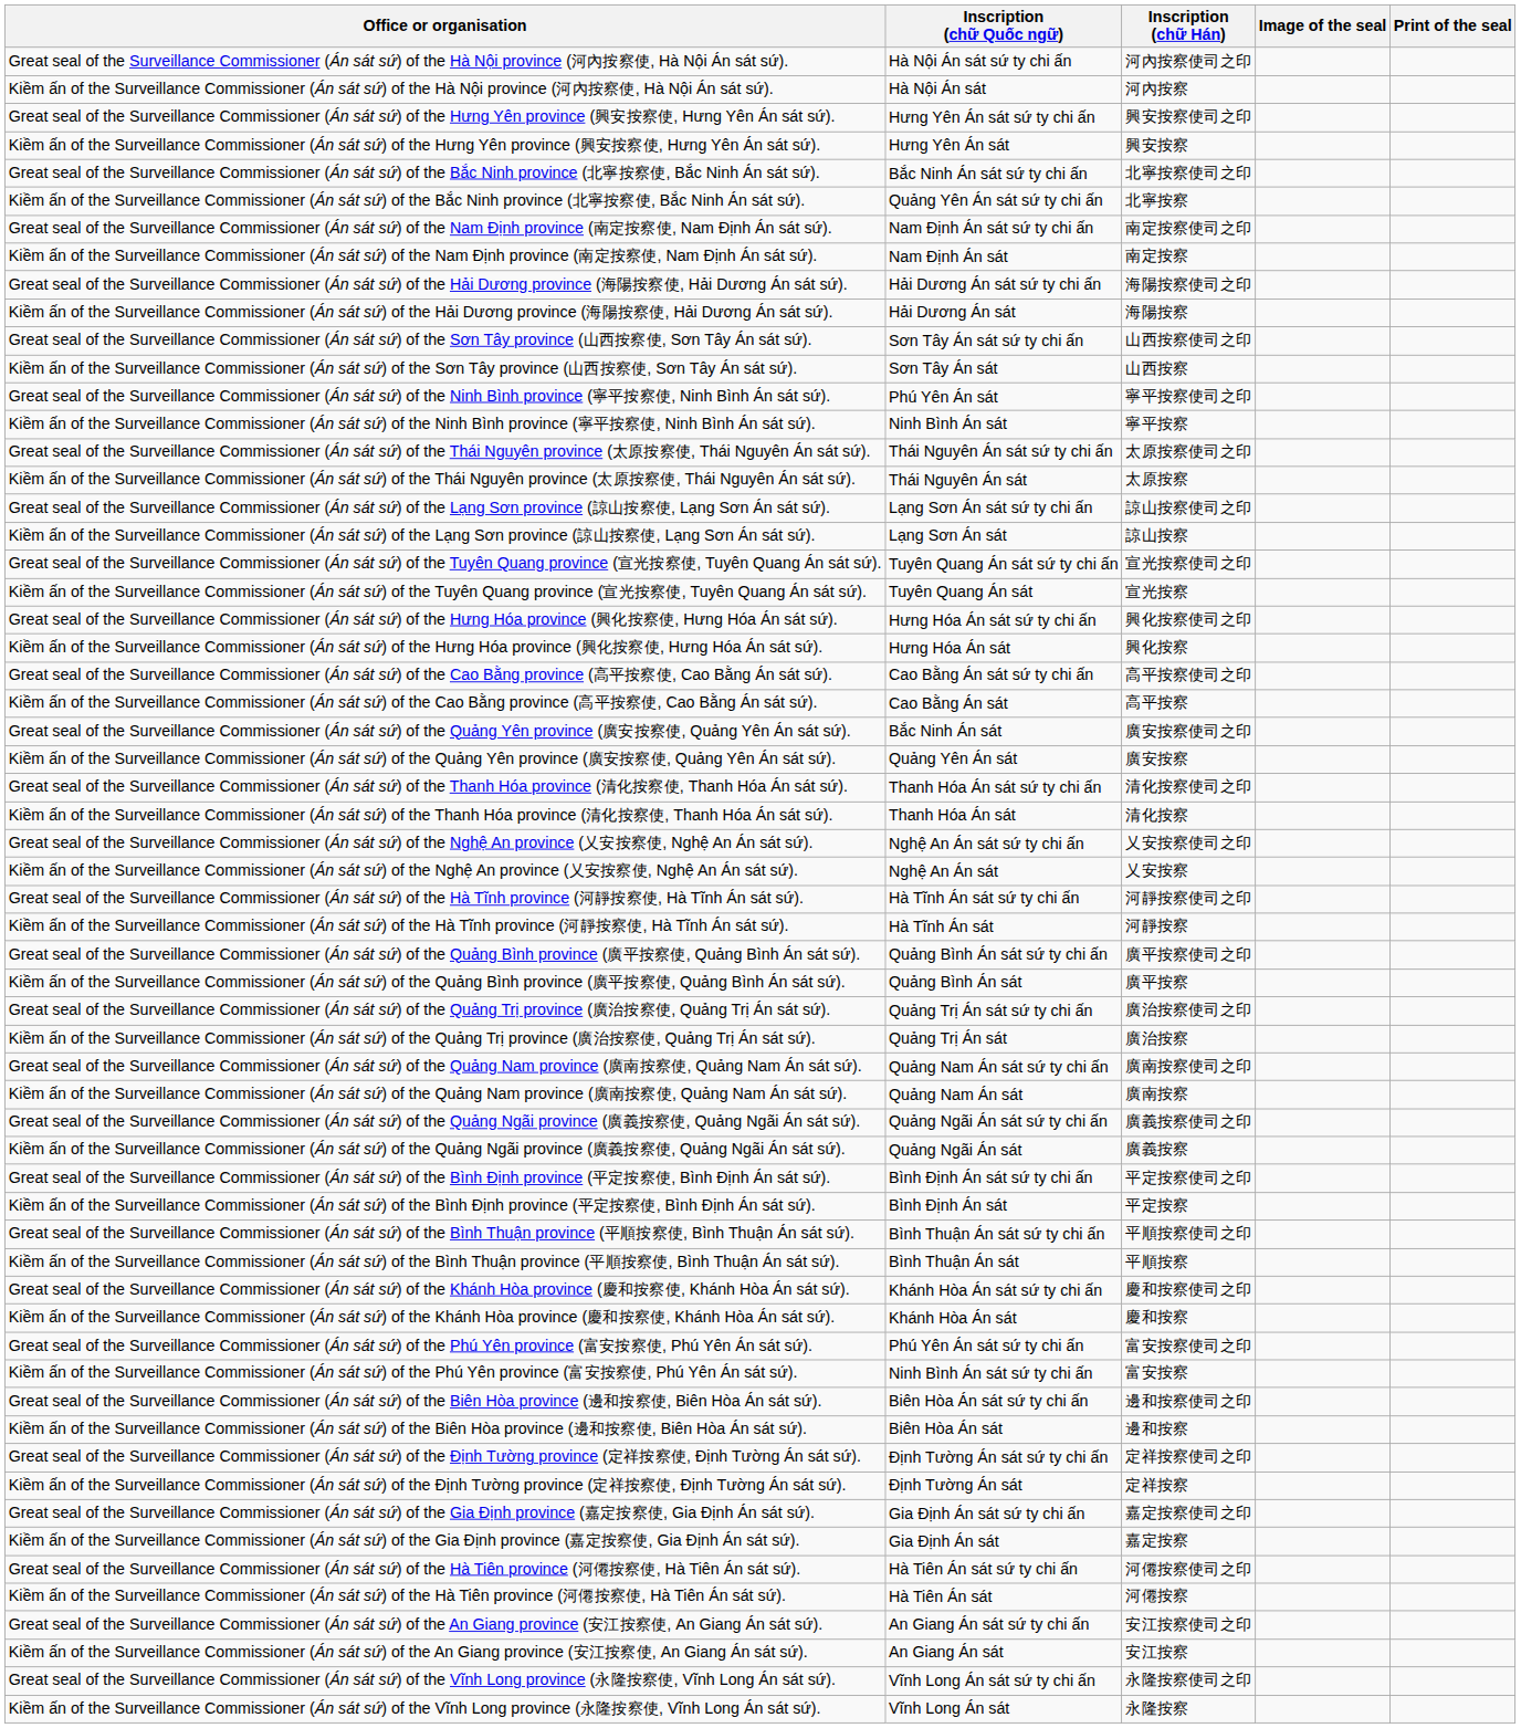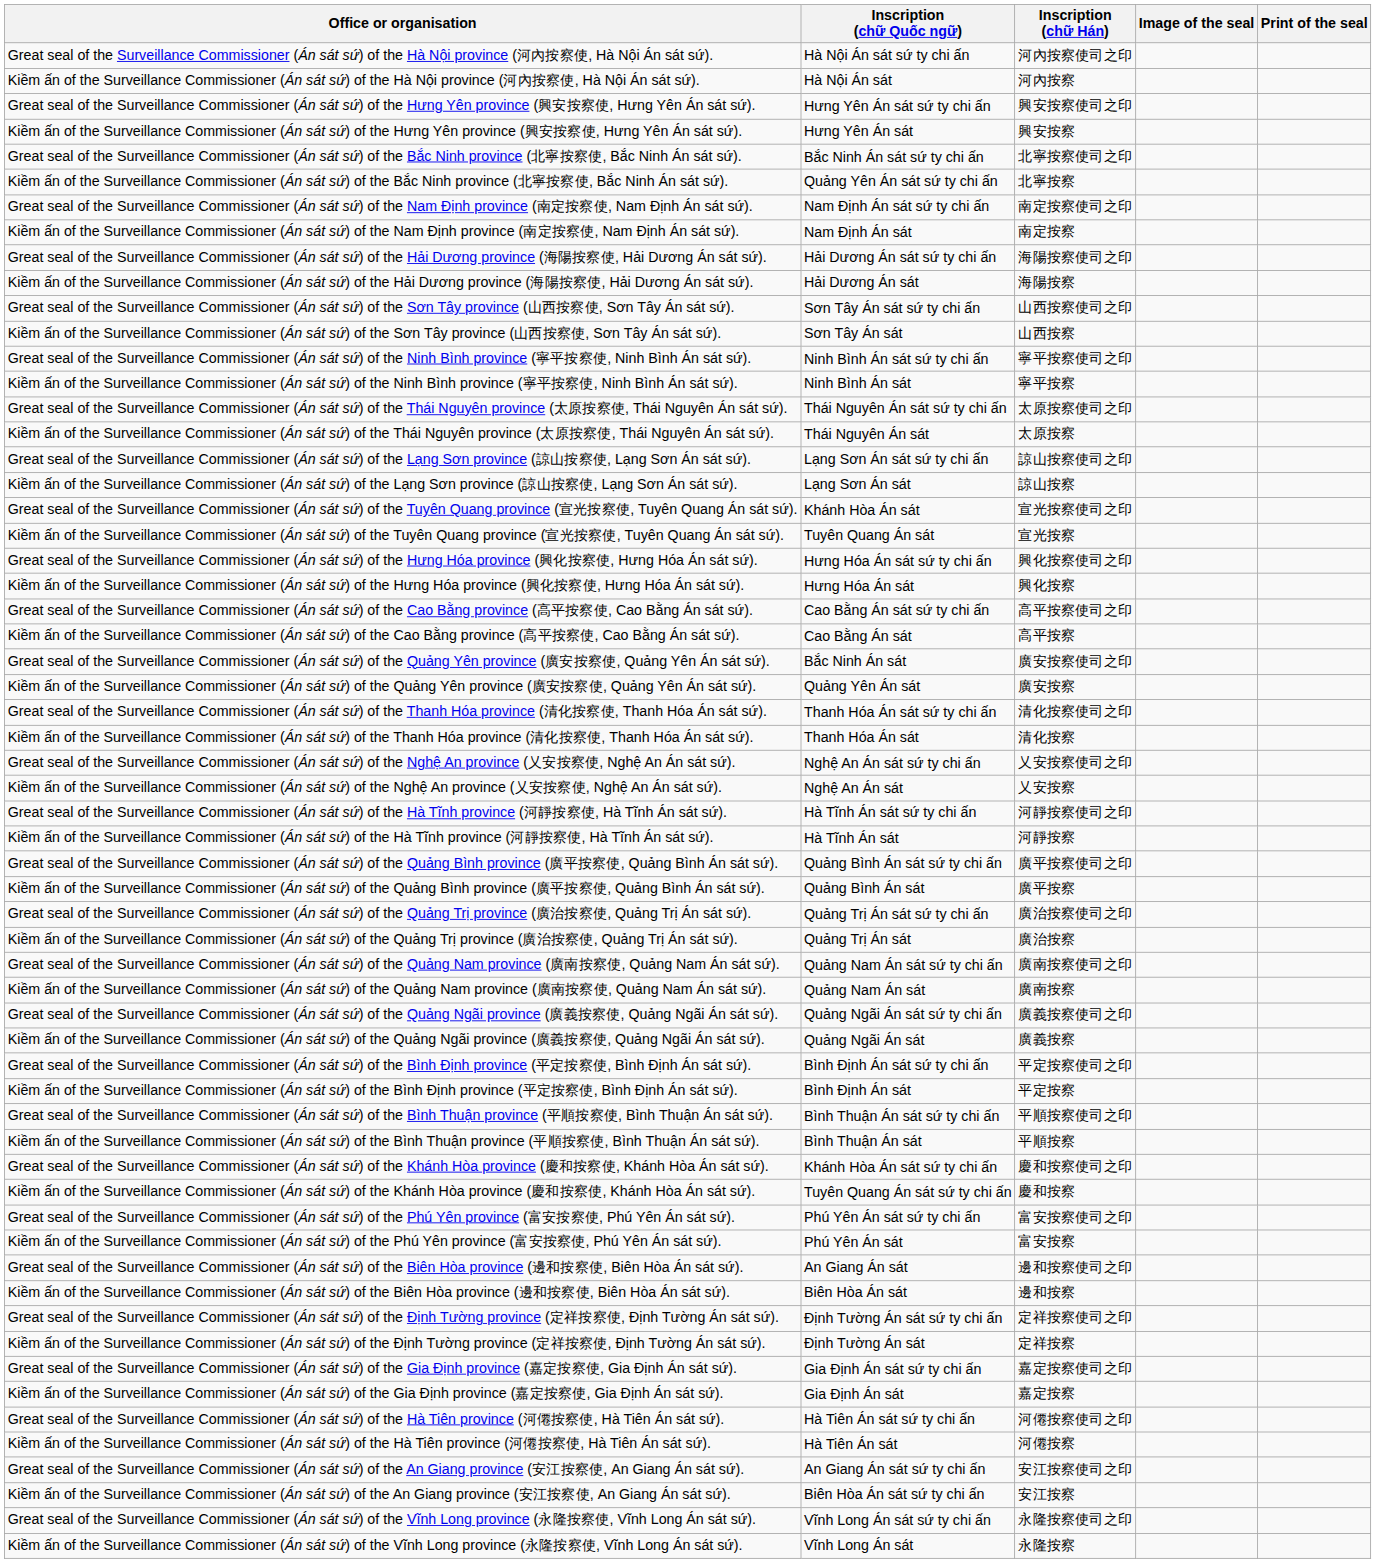 <table class="wikitable">
 <tr>
 <th>Office or organisation</th>
 <th>Inscription<br>(<a href='#'>chữ Quốc ngữ</a>)</th>
 <th>Inscription<br>(<a href='#'>chữ Hán</a>)</th>
 <th>Image of the seal</th>
 <th>Print of the seal</th>
 </tr>
 <tr>
 <td>Great seal of the <a href='#'>Surveillance Commissioner</a> (<em>Án sát sứ</em>) of the <a href='#'>Hà Nội province</a> (河內按察使, Hà Nội Án sát sứ).</td>
 <td>Hà Nội Án sát sứ ty chi ấn</td>
 <td>河內按察使司之印</td>
 <td></td>
 <td></td>
 </tr>
 <tr>
 <td>Kiềm ấn of the Surveillance Commissioner (<em>Án sát sứ</em>) of the Hà Nội province (河內按察使, Hà Nội Án sát sứ).</td>
 <td>Hà Nội Án sát</td>
 <td>河內按察</td>
 <td></td>
 <td></td>
 </tr>
 <tr>
 <td>Great seal of the Surveillance Commissioner (<em>Án sát sứ</em>) of the <a href='#'>Hưng Yên province</a> (興安按察使, Hưng Yên Án sát sứ).</td>
 <td>Hưng Yên Án sát sứ ty chi ấn</td>
 <td>興安按察使司之印</td>
 <td></td>
 <td></td>
 </tr>
 <tr>
 <td>Kiềm ấn of the Surveillance Commissioner (<em>Án sát sứ</em>) of the Hưng Yên province (興安按察使, Hưng Yên Án sát sứ).</td>
 <td>Hưng Yên Án sát</td>
 <td>興安按察</td>
 <td></td>
 <td></td>
 </tr>
 <tr>
 <td>Great seal of the Surveillance Commissioner (<em>Án sát sứ</em>) of the <a href='#'>Bắc Ninh province</a> (北寧按察使, Bắc Ninh Án sát sứ).</td>
 <td>Bắc Ninh Án sát sứ ty chi ấn</td>
 <td>北寧按察使司之印</td>
 <td></td>
 <td></td>
 </tr>
 <tr>
 <td>Kiềm ấn of the Surveillance Commissioner (<em>Án sát sứ</em>) of the Bắc Ninh province (北寧按察使, Bắc Ninh Án sát sứ).</td>
 <td>Quảng Yên Án sát sứ ty chi ấn</td>
 <td>北寧按察</td>
 <td></td>
 <td></td>
 </tr>
 <tr>
 <td>Great seal of the Surveillance Commissioner (<em>Án sát sứ</em>) of the <a href='#'>Nam Định province</a> (南定按察使, Nam Định Án sát sứ).</td>
 <td>Nam Định Án sát sứ ty chi ấn</td>
 <td>南定按察使司之印</td>
 <td></td>
 <td></td>
 </tr>
 <tr>
 <td>Kiềm ấn of the Surveillance Commissioner (<em>Án sát sứ</em>) of the Nam Định province (南定按察使, Nam Định Án sát sứ).</td>
 <td>Nam Định Án sát</td>
 <td>南定按察</td>
 <td></td>
 <td></td>
 </tr>
 <tr>
 <td>Great seal of the Surveillance Commissioner (<em>Án sát sứ</em>) of the <a href='#'>Hải Dương province</a> (海陽按察使, Hải Dương Án sát sứ).</td>
 <td>Hải Dương Án sát sứ ty chi ấn</td>
 <td>海陽按察使司之印</td>
 <td></td>
 <td></td>
 </tr>
 <tr>
 <td>Kiềm ấn of the Surveillance Commissioner (<em>Án sát sứ</em>) of the Hải Dương province (海陽按察使, Hải Dương Án sát sứ).</td>
 <td>Hải Dương Án sát</td>
 <td>海陽按察</td>
 <td></td>
 <td></td>
 </tr>
 <tr>
 <td>Great seal of the Surveillance Commissioner (<em>Án sát sứ</em>) of the <a href='#'>Sơn Tây province</a> (山西按察使, Sơn Tây Án sát sứ).</td>
 <td>Sơn Tây Án sát sứ ty chi ấn</td>
 <td>山西按察使司之印</td>
 <td></td>
 <td></td>
 </tr>
 <tr>
 <td>Kiềm ấn of the Surveillance Commissioner (<em>Án sát sứ</em>) of the Sơn Tây province (山西按察使, Sơn Tây Án sát sứ).</td>
 <td>Sơn Tây Án sát</td>
 <td>山西按察</td>
 <td></td>
 <td></td>
 </tr>
 <tr>
 <td>Great seal of the Surveillance Commissioner (<em>Án sát sứ</em>) of the <a href='#'>Ninh Bình province</a> (寧平按察使, Ninh Bình Án sát sứ).</td>
-<td>Phú Yên Án sát</td>
+<td>Ninh Bình Án sát sứ ty chi ấn</td>
 <td>寧平按察使司之印</td>
 <td></td>
 <td></td>
 </tr>
 <tr>
 <td>Kiềm ấn of the Surveillance Commissioner (<em>Án sát sứ</em>) of the Ninh Bình province (寧平按察使, Ninh Bình Án sát sứ).</td>
 <td>Ninh Bình Án sát</td>
 <td>寧平按察</td>
 <td></td>
 <td></td>
 </tr>
 <tr>
 <td>Great seal of the Surveillance Commissioner (<em>Án sát sứ</em>) of the <a href='#'>Thái Nguyên province</a> (太原按察使, Thái Nguyên Án sát sứ).</td>
 <td>Thái Nguyên Án sát sứ ty chi ấn</td>
 <td>太原按察使司之印</td>
 <td></td>
 <td></td>
 </tr>
 <tr>
 <td>Kiềm ấn of the Surveillance Commissioner (<em>Án sát sứ</em>) of the Thái Nguyên province (太原按察使, Thái Nguyên Án sát sứ).</td>
 <td>Thái Nguyên Án sát</td>
 <td>太原按察</td>
 <td></td>
 <td></td>
 </tr>
 <tr>
 <td>Great seal of the Surveillance Commissioner (<em>Án sát sứ</em>) of the <a href='#'>Lạng Sơn province</a> (諒山按察使, Lạng Sơn Án sát sứ).</td>
 <td>Lạng Sơn Án sát sứ ty chi ấn</td>
 <td>諒山按察使司之印</td>
 <td></td>
 <td></td>
 </tr>
 <tr>
 <td>Kiềm ấn of the Surveillance Commissioner (<em>Án sát sứ</em>) of the Lạng Sơn province (諒山按察使, Lạng Sơn Án sát sứ).</td>
 <td>Lạng Sơn Án sát</td>
 <td>諒山按察</td>
 <td></td>
 <td></td>
 </tr>
 <tr>
 <td>Great seal of the Surveillance Commissioner (<em>Án sát sứ</em>) of the <a href='#'>Tuyên Quang province</a> (宣光按察使, Tuyên Quang Án sát sứ).</td>
-<td>Tuyên Quang Án sát sứ ty chi ấn</td>
+<td>Khánh Hòa Án sát</td>
 <td>宣光按察使司之印</td>
 <td></td>
 <td></td>
 </tr>
 <tr>
 <td>Kiềm ấn of the Surveillance Commissioner (<em>Án sát sứ</em>) of the Tuyên Quang province (宣光按察使, Tuyên Quang Án sát sứ).</td>
 <td>Tuyên Quang Án sát</td>
 <td>宣光按察</td>
 <td></td>
 <td></td>
 </tr>
 <tr>
 <td>Great seal of the Surveillance Commissioner (<em>Án sát sứ</em>) of the <a href='#'>Hưng Hóa province</a> (興化按察使, Hưng Hóa Án sát sứ).</td>
 <td>Hưng Hóa Án sát sứ ty chi ấn</td>
 <td>興化按察使司之印</td>
 <td></td>
 <td></td>
 </tr>
 <tr>
 <td>Kiềm ấn of the Surveillance Commissioner (<em>Án sát sứ</em>) of the Hưng Hóa province (興化按察使, Hưng Hóa Án sát sứ).</td>
 <td>Hưng Hóa Án sát</td>
 <td>興化按察</td>
 <td></td>
 <td></td>
 </tr>
 <tr>
 <td>Great seal of the Surveillance Commissioner (<em>Án sát sứ</em>) of the <a href='#'>Cao Bằng province</a> (高平按察使, Cao Bằng Án sát sứ).</td>
 <td>Cao Bằng Án sát sứ ty chi ấn</td>
 <td>高平按察使司之印</td>
 <td></td>
 <td></td>
 </tr>
 <tr>
 <td>Kiềm ấn of the Surveillance Commissioner (<em>Án sát sứ</em>) of the Cao Bằng province (高平按察使, Cao Bằng Án sát sứ).</td>
 <td>Cao Bằng Án sát</td>
 <td>高平按察</td>
 <td></td>
 <td></td>
 </tr>
 <tr>
 <td>Great seal of the Surveillance Commissioner (<em>Án sát sứ</em>) of the <a href='#'>Quảng Yên province</a> (廣安按察使, Quảng Yên Án sát sứ).</td>
 <td>Bắc Ninh Án sát</td>
 <td>廣安按察使司之印</td>
 <td></td>
 <td></td>
 </tr>
 <tr>
 <td>Kiềm ấn of the Surveillance Commissioner (<em>Án sát sứ</em>) of the Quảng Yên province (廣安按察使, Quảng Yên Án sát sứ).</td>
 <td>Quảng Yên Án sát</td>
 <td>廣安按察</td>
 <td></td>
 <td></td>
 </tr>
 <tr>
 <td>Great seal of the Surveillance Commissioner (<em>Án sát sứ</em>) of the <a href='#'>Thanh Hóa province</a> (清化按察使, Thanh Hóa Án sát sứ).</td>
 <td>Thanh Hóa Án sát sứ ty chi ấn</td>
 <td>清化按察使司之印</td>
 <td></td>
 <td></td>
 </tr>
 <tr>
 <td>Kiềm ấn of the Surveillance Commissioner (<em>Án sát sứ</em>) of the Thanh Hóa province (清化按察使, Thanh Hóa Án sát sứ).</td>
 <td>Thanh Hóa Án sát</td>
 <td>清化按察</td>
 <td></td>
 <td></td>
 </tr>
 <tr>
 <td>Great seal of the Surveillance Commissioner (<em>Án sát sứ</em>) of the <a href='#'>Nghệ An province</a> (乂安按察使, Nghệ An Án sát sứ).</td>
 <td>Nghệ An Án sát sứ ty chi ấn</td>
 <td>乂安按察使司之印</td>
 <td></td>
 <td></td>
 </tr>
 <tr>
 <td>Kiềm ấn of the Surveillance Commissioner (<em>Án sát sứ</em>) of the Nghệ An province (乂安按察使, Nghệ An Án sát sứ).</td>
 <td>Nghệ An Án sát</td>
 <td>乂安按察</td>
 <td></td>
 <td></td>
 </tr>
 <tr>
 <td>Great seal of the Surveillance Commissioner (<em>Án sát sứ</em>) of the <a href='#'>Hà Tĩnh province</a> (河靜按察使, Hà Tĩnh Án sát sứ).</td>
 <td>Hà Tĩnh Án sát sứ ty chi ấn</td>
 <td>河靜按察使司之印</td>
 <td></td>
 <td></td>
 </tr>
 <tr>
 <td>Kiềm ấn of the Surveillance Commissioner (<em>Án sát sứ</em>) of the Hà Tĩnh province (河靜按察使, Hà Tĩnh Án sát sứ).</td>
 <td>Hà Tĩnh Án sát</td>
 <td>河靜按察</td>
 <td></td>
 <td></td>
 </tr>
 <tr>
 <td>Great seal of the Surveillance Commissioner (<em>Án sát sứ</em>) of the <a href='#'>Quảng Bình province</a> (廣平按察使, Quảng Bình Án sát sứ).</td>
 <td>Quảng Bình Án sát sứ ty chi ấn</td>
 <td>廣平按察使司之印</td>
 <td></td>
 <td></td>
 </tr>
 <tr>
 <td>Kiềm ấn of the Surveillance Commissioner (<em>Án sát sứ</em>) of the Quảng Bình province (廣平按察使, Quảng Bình Án sát sứ).</td>
 <td>Quảng Bình Án sát</td>
 <td>廣平按察</td>
 <td></td>
 <td></td>
 </tr>
 <tr>
 <td>Great seal of the Surveillance Commissioner (<em>Án sát sứ</em>) of the <a href='#'>Quảng Trị province</a> (廣治按察使, Quảng Trị Án sát sứ).</td>
 <td>Quảng Trị Án sát sứ ty chi ấn</td>
 <td>廣治按察使司之印</td>
 <td></td>
 <td></td>
 </tr>
 <tr>
 <td>Kiềm ấn of the Surveillance Commissioner (<em>Án sát sứ</em>) of the Quảng Trị province (廣治按察使, Quảng Trị Án sát sứ).</td>
 <td>Quảng Trị Án sát</td>
 <td>廣治按察</td>
 <td></td>
 <td></td>
 </tr>
 <tr>
 <td>Great seal of the Surveillance Commissioner (<em>Án sát sứ</em>) of the <a href='#'>Quảng Nam province</a> (廣南按察使, Quảng Nam Án sát sứ).</td>
 <td>Quảng Nam Án sát sứ ty chi ấn</td>
 <td>廣南按察使司之印</td>
 <td></td>
 <td></td>
 </tr>
 <tr>
 <td>Kiềm ấn of the Surveillance Commissioner (<em>Án sát sứ</em>) of the Quảng Nam province (廣南按察使, Quảng Nam Án sát sứ).</td>
 <td>Quảng Nam Án sát</td>
 <td>廣南按察</td>
 <td></td>
 <td></td>
 </tr>
 <tr>
 <td>Great seal of the Surveillance Commissioner (<em>Án sát sứ</em>) of the <a href='#'>Quảng Ngãi province</a> (廣義按察使, Quảng Ngãi Án sát sứ).</td>
 <td>Quảng Ngãi Án sát sứ ty chi ấn</td>
 <td>廣義按察使司之印</td>
 <td></td>
 <td></td>
 </tr>
 <tr>
 <td>Kiềm ấn of the Surveillance Commissioner (<em>Án sát sứ</em>) of the Quảng Ngãi province (廣義按察使, Quảng Ngãi Án sát sứ).</td>
 <td>Quảng Ngãi Án sát</td>
 <td>廣義按察</td>
 <td></td>
 <td></td>
 </tr>
 <tr>
 <td>Great seal of the Surveillance Commissioner (<em>Án sát sứ</em>) of the <a href='#'>Bình Định province</a> (平定按察使, Bình Định Án sát sứ).</td>
 <td>Bình Định Án sát sứ ty chi ấn</td>
 <td>平定按察使司之印</td>
 <td></td>
 <td></td>
 </tr>
 <tr>
 <td>Kiềm ấn of the Surveillance Commissioner (<em>Án sát sứ</em>) of the Bình Định province (平定按察使, Bình Định Án sát sứ).</td>
 <td>Bình Định Án sát</td>
 <td>平定按察</td>
 <td></td>
 <td></td>
 </tr>
 <tr>
 <td>Great seal of the Surveillance Commissioner (<em>Án sát sứ</em>) of the <a href='#'>Bình Thuận province</a> (平順按察使, Bình Thuận Án sát sứ).</td>
 <td>Bình Thuận Án sát sứ ty chi ấn</td>
 <td>平順按察使司之印</td>
 <td></td>
 <td></td>
 </tr>
 <tr>
 <td>Kiềm ấn of the Surveillance Commissioner (<em>Án sát sứ</em>) of the Bình Thuận province (平順按察使, Bình Thuận Án sát sứ).</td>
 <td>Bình Thuận Án sát</td>
 <td>平順按察</td>
 <td></td>
 <td></td>
 </tr>
 <tr>
 <td>Great seal of the Surveillance Commissioner (<em>Án sát sứ</em>) of the <a href='#'>Khánh Hòa province</a> (慶和按察使, Khánh Hòa Án sát sứ).</td>
 <td>Khánh Hòa Án sát sứ ty chi ấn</td>
 <td>慶和按察使司之印</td>
 <td></td>
 <td></td>
 </tr>
 <tr>
 <td>Kiềm ấn of the Surveillance Commissioner (<em>Án sát sứ</em>) of the Khánh Hòa province (慶和按察使, Khánh Hòa Án sát sứ).</td>
-<td>Khánh Hòa Án sát</td>
+<td>Tuyên Quang Án sát sứ ty chi ấn</td>
 <td>慶和按察</td>
 <td></td>
 <td></td>
 </tr>
 <tr>
 <td>Great seal of the Surveillance Commissioner (<em>Án sát sứ</em>) of the <a href='#'>Phú Yên province</a> (富安按察使, Phú Yên Án sát sứ).</td>
 <td>Phú Yên Án sát sứ ty chi ấn</td>
 <td>富安按察使司之印</td>
 <td></td>
 <td></td>
 </tr>
 <tr>
 <td>Kiềm ấn of the Surveillance Commissioner (<em>Án sát sứ</em>) of the Phú Yên province (富安按察使, Phú Yên Án sát sứ).</td>
-<td>Ninh Bình Án sát sứ ty chi ấn</td>
+<td>Phú Yên Án sát</td>
 <td>富安按察</td>
 <td></td>
 <td></td>
 </tr>
 <tr>
 <td>Great seal of the Surveillance Commissioner (<em>Án sát sứ</em>) of the <a href='#'>Biên Hòa province</a> (邊和按察使, Biên Hòa Án sát sứ).</td>
-<td>Biên Hòa Án sát sứ ty chi ấn</td>
+<td>An Giang Án sát</td>
 <td>邊和按察使司之印</td>
 <td></td>
 <td></td>
 </tr>
 <tr>
 <td>Kiềm ấn of the Surveillance Commissioner (<em>Án sát sứ</em>) of the Biên Hòa province (邊和按察使, Biên Hòa Án sát sứ).</td>
 <td>Biên Hòa Án sát</td>
 <td>邊和按察</td>
 <td></td>
 <td></td>
 </tr>
 <tr>
 <td>Great seal of the Surveillance Commissioner (<em>Án sát sứ</em>) of the <a href='#'>Định Tường province</a> (定祥按察使, Định Tường Án sát sứ).</td>
 <td>Định Tường Án sát sứ ty chi ấn</td>
 <td>定祥按察使司之印</td>
 <td></td>
 <td></td>
 </tr>
 <tr>
 <td>Kiềm ấn of the Surveillance Commissioner (<em>Án sát sứ</em>) of the Định Tường province (定祥按察使, Định Tường Án sát sứ).</td>
 <td>Định Tường Án sát</td>
 <td>定祥按察</td>
 <td></td>
 <td></td>
 </tr>
 <tr>
 <td>Great seal of the Surveillance Commissioner (<em>Án sát sứ</em>) of the <a href='#'>Gia Định province</a> (嘉定按察使, Gia Định Án sát sứ).</td>
 <td>Gia Định Án sát sứ ty chi ấn</td>
 <td>嘉定按察使司之印</td>
 <td></td>
 <td></td>
 </tr>
 <tr>
 <td>Kiềm ấn of the Surveillance Commissioner (<em>Án sát sứ</em>) of the Gia Định province (嘉定按察使, Gia Định Án sát sứ).</td>
 <td>Gia Định Án sát</td>
 <td>嘉定按察</td>
 <td></td>
 <td></td>
 </tr>
 <tr>
 <td>Great seal of the Surveillance Commissioner (<em>Án sát sứ</em>) of the <a href='#'>Hà Tiên province</a> (河僊按察使, Hà Tiên Án sát sứ).</td>
 <td>Hà Tiên Án sát sứ ty chi ấn</td>
 <td>河僊按察使司之印</td>
 <td></td>
 <td></td>
 </tr>
 <tr>
 <td>Kiềm ấn of the Surveillance Commissioner (<em>Án sát sứ</em>) of the Hà Tiên province (河僊按察使, Hà Tiên Án sát sứ).</td>
 <td>Hà Tiên Án sát</td>
 <td>河僊按察</td>
 <td></td>
 <td></td>
 </tr>
 <tr>
 <td>Great seal of the Surveillance Commissioner (<em>Án sát sứ</em>) of the <a href='#'>An Giang province</a> (安江按察使, An Giang Án sát sứ).</td>
 <td>An Giang Án sát sứ ty chi ấn</td>
 <td>安江按察使司之印</td>
 <td></td>
 <td></td>
 </tr>
 <tr>
 <td>Kiềm ấn of the Surveillance Commissioner (<em>Án sát sứ</em>) of the An Giang province (安江按察使, An Giang Án sát sứ).</td>
-<td>An Giang Án sát</td>
+<td>Biên Hòa Án sát sứ ty chi ấn</td>
 <td>安江按察</td>
 <td></td>
 <td></td>
 </tr>
 <tr>
 <td>Great seal of the Surveillance Commissioner (<em>Án sát sứ</em>) of the <a href='#'>Vĩnh Long province</a> (永隆按察使, Vĩnh Long Án sát sứ).</td>
 <td>Vĩnh Long Án sát sứ ty chi ấn</td>
 <td>永隆按察使司之印</td>
 <td></td>
 <td></td>
 </tr>
 <tr>
 <td>Kiềm ấn of the Surveillance Commissioner (<em>Án sát sứ</em>) of the Vĩnh Long province (永隆按察使, Vĩnh Long Án sát sứ).</td>
 <td>Vĩnh Long Án sát</td>
 <td>永隆按察</td>
 <td></td>
 <td></td>
 </tr>
 </table>
